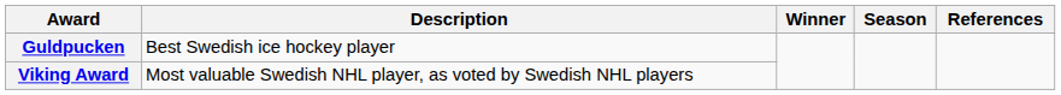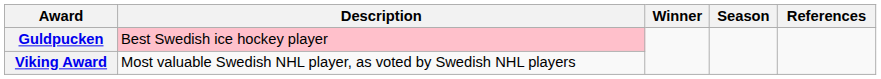 <table class="wikitable sortable" width="75%">
 <tr>
 <th scope="col">Award</th>
 <th scope="col" class="unsortable">Description</th>
 <th scope="col">Winner</th>
 <th scope="col">Season</th>
 <th scope="col" class="unsortable">References</th>
 </tr>
 <tr>
 <th scope="row"><a href='#'>Guldpucken</a></th>
-<td>Best Swedish ice hockey player</td>
+<td style="background: pink;">Best Swedish ice hockey player</td>
 <td rowspan="2"></td>
 <td rowspan="2"></td>
 <td rowspan="2"></td>
 </tr>
 <tr>
 <th scope="row"><a href='#'>Viking Award</a></th>
 <td>Most valuable Swedish NHL player, as voted by Swedish NHL players</td>
 </tr>
 </table>
